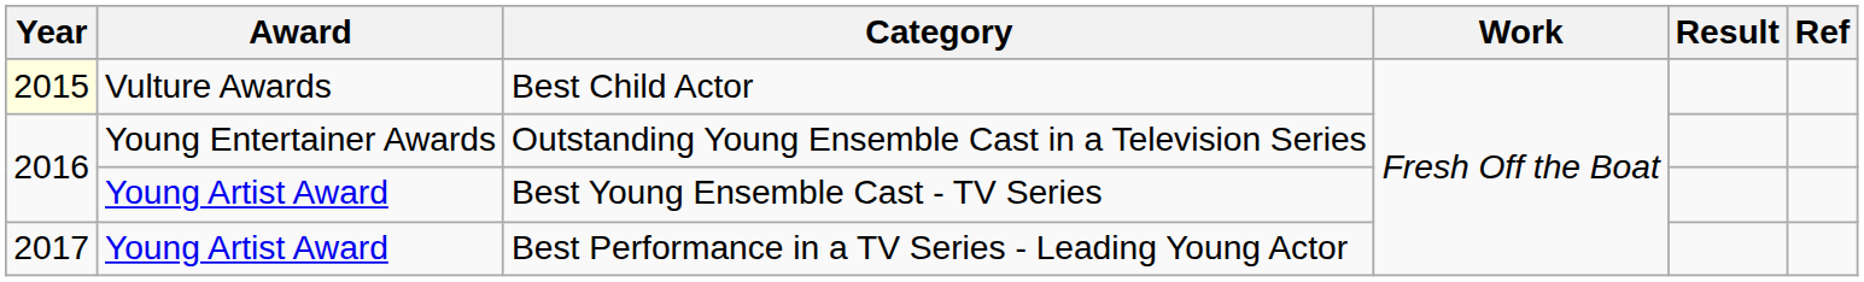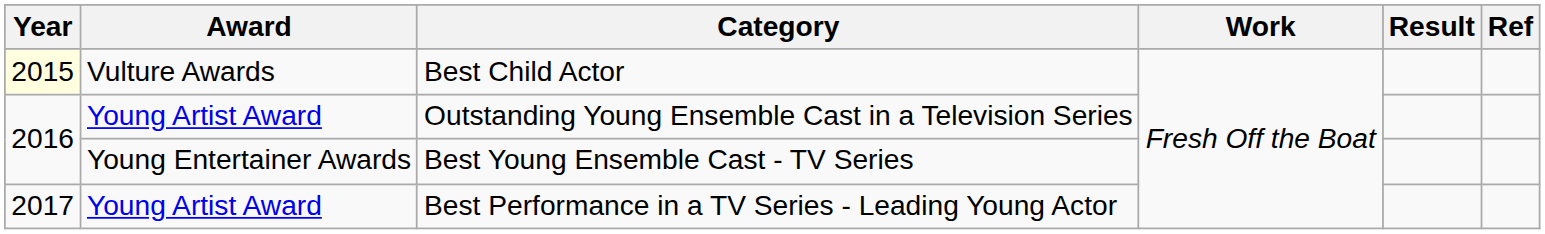 <table class="wikitable">
 <tr>
 <th>Year</th>
 <th>Award</th>
 <th>Category</th>
 <th>Work</th>
 <th>Result</th>
 <th>Ref</th>
 </tr>
 <tr>
 <td style="background: lightyellow;">2015</td>
 <td>Vulture Awards</td>
 <td>Best Child Actor</td>
 <td rowspan=4><em>Fresh Off the Boat</em></td>
 <td></td>
 <td align="center"></td>
 </tr>
 <tr>
 <td rowspan="2">2016</td>
-<td>Young Entertainer Awards</td>
+<td><a href='#'>Young Artist Award</a></td>
 <td>Outstanding Young Ensemble Cast in a Television Series</td>
 <td></td>
 <td align="center"></td>
 </tr>
 <tr>
-<td><a href='#'>Young Artist Award</a></td>
+<td>Young Entertainer Awards</td>
 <td>Best Young Ensemble Cast - TV Series</td>
 <td></td>
 <td align="center"></td>
 </tr>
 <tr>
 <td>2017</td>
 <td><a href='#'>Young Artist Award</a></td>
 <td>Best Performance in a TV Series - Leading Young Actor</td>
 <td></td>
 <td align="center"></td>
 </tr>
 </table>
